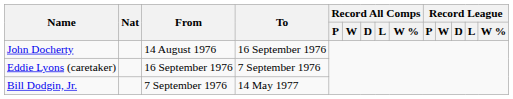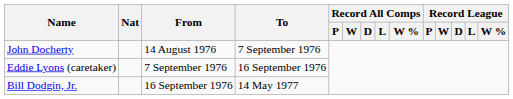 <table style="text-align: center" class="wikitable">
 <tr>
 <th rowspan="2">Name</th>
 <th rowspan="2">Nat</th>
 <th rowspan="2">From</th>
 <th rowspan="2">To</th>
 <th colspan="5">Record All Comps</th>
 <th colspan="5">Record League</th>
 </tr>
 <tr>
 <th>P</th>
 <th>W</th>
 <th>D</th>
 <th>L</th>
 <th>W %</th>
 <th>P</th>
 <th>W</th>
 <th>D</th>
 <th>L</th>
 <th>W %</th>
 </tr>
 <tr>
 <td style="text-align:left;"><a href='#'>John Docherty</a></td>
 <td></td>
 <td style="text-align:left;">14 August 1976</td>
-<td style="text-align:left;">16 September 1976<br> </td>
+<td style="text-align:left;">7 September 1976<br> </td>
 </tr>
 <tr>
 <td style="text-align:left;"><a href='#'>Eddie Lyons</a> (caretaker)</td>
 <td></td>
-<td style="text-align:left;">16 September 1976</td>
-<td style="text-align:left;">7 September 1976<br> </td>
+<td style="text-align:left;">7 September 1976</td>
+<td style="text-align:left;">16 September 1976<br> </td>
 </tr>
 <tr>
 <td style="text-align:left;"><a href='#'>Bill Dodgin, Jr.</a></td>
 <td></td>
-<td style="text-align:left;">7 September 1976</td>
+<td style="text-align:left;">16 September 1976</td>
 <td style="text-align:left;">14 May 1977<br> </td>
 </tr>
 </table>
